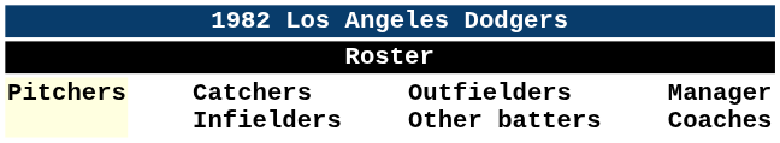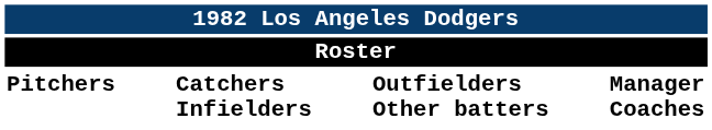 <table class="toccolours" style="font-size: 95%;">
 <tr>
 <th colspan="10" style="background-color: #083c6b; color: white; text-align: center;">1982 Los Angeles Dodgers</th>
 </tr>
 <tr>
 <td colspan="10" style="background-color: black; color: white; text-align: center;"><strong>Roster</strong></td>
 </tr>
 <tr>
-<td valign="top" style="background: lightyellow;"><strong>Pitchers</strong><br>                                 </td>
+<td valign="top"><strong>Pitchers</strong><br>                                 </td>
 <td width="25px"></td>
 <td valign="top"><strong>Catchers</strong><br>   <strong>Infielders</strong>       </td>
 <td width="25px"></td>
 <td valign="top"><strong>Outfielders</strong><br>           <strong>Other batters</strong>   </td>
 <td width="25px"></td>
 <td valign="top"><strong>Manager</strong><br> <strong>Coaches</strong>     </td>
 </tr>
 </table>
